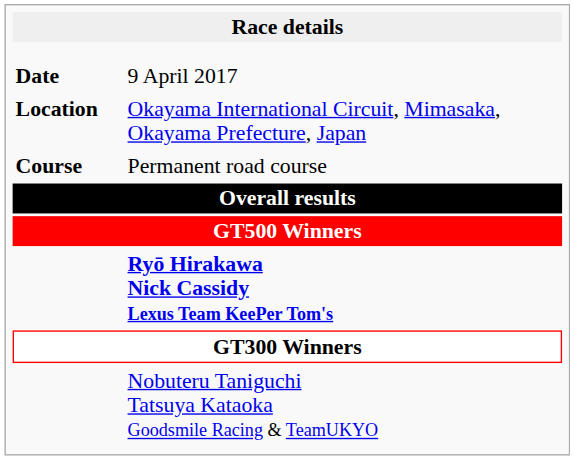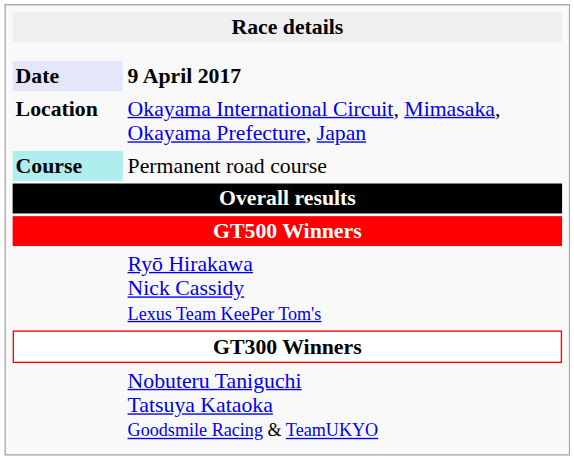 <table class="infobox" cellpadding="2" style="float:right; float:right; width:26em;">
 <tr>
 <th colspan="3" style="background:#efefef; text-align:center">Race details</th>
 </tr>
 <tr>
 <td colspan="3" style="text-align:center;"></td>
 </tr>
 <tr>
 <td colspan="3" style="text-align:center;"></td>
 </tr>
 <tr>
-<td style="width: 20%;"><strong>Date</strong></td>
-<td>9 April 2017</td>
+<td style="background: lavender; width: 20%;"><strong>Date</strong></td>
+<td><strong>9 April 2017</strong></td>
 </tr>
 <tr>
 <td><strong>Location</strong></td>
 <td colspan=2><a href='#'>Okayama International Circuit</a>, <a href='#'>Mimasaka</a>, <a href='#'>Okayama Prefecture</a>, <a href='#'>Japan</a></td>
 </tr>
 <tr>
-<td><strong>Course</strong></td>
+<td style="background: paleturquoise;"><strong>Course</strong></td>
 <td colspan=2>Permanent road course<br></td>
 </tr>
 <tr>
 <td colspan="3" style="text-align:center; background:#000000; color:#FFFFFF;"><strong>Overall results</strong></td>
 </tr>
 <tr>
 <th colspan="3" style="background:red; color: #FFFFFF; text-align:center;">GT500 Winners</th>
 </tr>
 <tr>
 <td></td>
-<td><strong> <a href='#'>Ryō Hirakawa</a><br> <a href='#'>Nick Cassidy</a><br><small><a href='#'>Lexus Team KeePer Tom's</a></small></strong></td>
+<td> <a href='#'>Ryō Hirakawa</a><br> <a href='#'>Nick Cassidy</a><br><small><a href='#'>Lexus Team KeePer Tom's</a></small></td>
 </tr>
 <tr>
 <th colspan="3" style="background:#FFFFFF; border:1px solid red; text-align:center">GT300 Winners</th>
 </tr>
 <tr>
 <td></td>
 <td> <a href='#'>Nobuteru Taniguchi</a><br> <a href='#'>Tatsuya Kataoka</a><br><small><a href='#'>Goodsmile Racing</a> & <a href='#'>TeamUKYO</a></small></td>
 </tr>
 <tr>
 </tr>
 </table>
